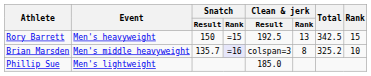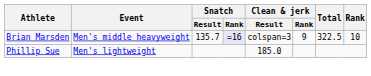 <table class="wikitable" style="font-size:90%">
 <tr>
 <th rowspan="2">Athlete</th>
 <th rowspan="2">Event</th>
 <th colspan="2">Snatch</th>
 <th colspan="2">Clean & jerk</th>
 <th rowspan="2">Total</th>
 <th rowspan="2">Rank</th>
 </tr>
 <tr style="font-size:95%">
 <th>Result</th>
 <th>Rank</th>
 <th>Result</th>
 <th>Rank</th>
 </tr>
 <tr align=center>
-<td align=left><a href='#'>Rory Barrett</a></td>
-<td align=left><a href='#'>Men's heavyweight</a></td>
-<td>150</td>
-<td>=15</td>
-<td>192.5</td>
-<td>13</td>
-<td>342.5</td>
-<td>15</td>
-</tr>
-<tr align=center>
 <td align=left><a href='#'>Brian Marsden</a></td>
 <td align=left><a href='#'>Men's middle heavyweight</a></td>
 <td>135.7</td>
 <td style="background: lavender;">=16</td>
 <td>colspan=3 </td>
-<td>8</td>
-<td>325.2</td>
+<td>9</td>
+<td>322.5</td>
 <td>10</td>
 </tr>
 <tr align=center>
 <td align=left><a href='#'>Phillip Sue</a></td>
 <td align=left><a href='#'>Men's lightweight</a></td>
 <td colspan=2></td>
 <td>185.0</td>
 <td></td>
 </tr>
 </table>
